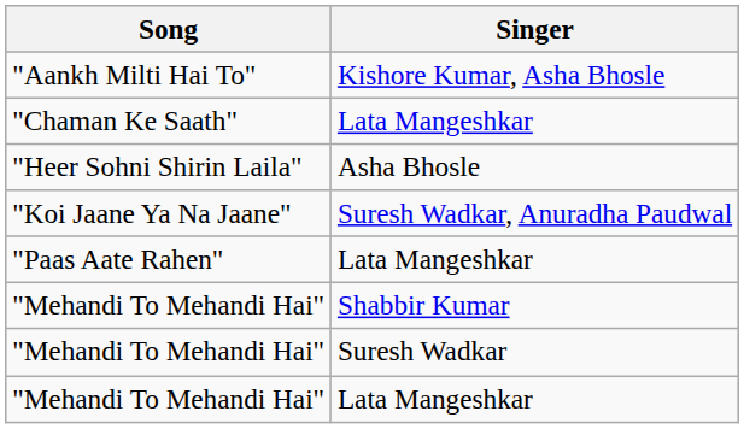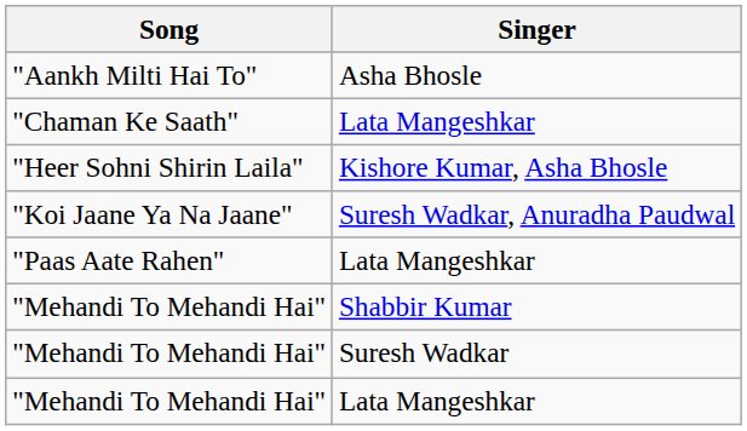 <table class="wikitable" style="font-size:95%;">
 <tr>
 <th>Song</th>
 <th>Singer</th>
 </tr>
 <tr>
 <td>"Aankh Milti Hai To"</td>
-<td><a href='#'>Kishore Kumar</a>, <a href='#'>Asha Bhosle</a></td>
+<td>Asha Bhosle</td>
 </tr>
 <tr>
 <td>"Chaman Ke Saath"</td>
 <td><a href='#'>Lata Mangeshkar</a></td>
 </tr>
 <tr>
 <td>"Heer Sohni Shirin Laila"</td>
-<td>Asha Bhosle</td>
+<td><a href='#'>Kishore Kumar</a>, <a href='#'>Asha Bhosle</a></td>
 </tr>
 <tr>
 <td>"Koi Jaane Ya Na Jaane"</td>
 <td><a href='#'>Suresh Wadkar</a>, <a href='#'>Anuradha Paudwal</a></td>
 </tr>
 <tr>
 <td>"Paas Aate Rahen"</td>
 <td>Lata Mangeshkar</td>
 </tr>
 <tr>
 <td>"Mehandi To Mehandi Hai"</td>
 <td><a href='#'>Shabbir Kumar</a></td>
 </tr>
 <tr>
 <td>"Mehandi To Mehandi Hai"</td>
 <td>Suresh Wadkar</td>
 </tr>
 <tr>
 <td>"Mehandi To Mehandi Hai"</td>
 <td>Lata Mangeshkar</td>
 </tr>
 </table>
